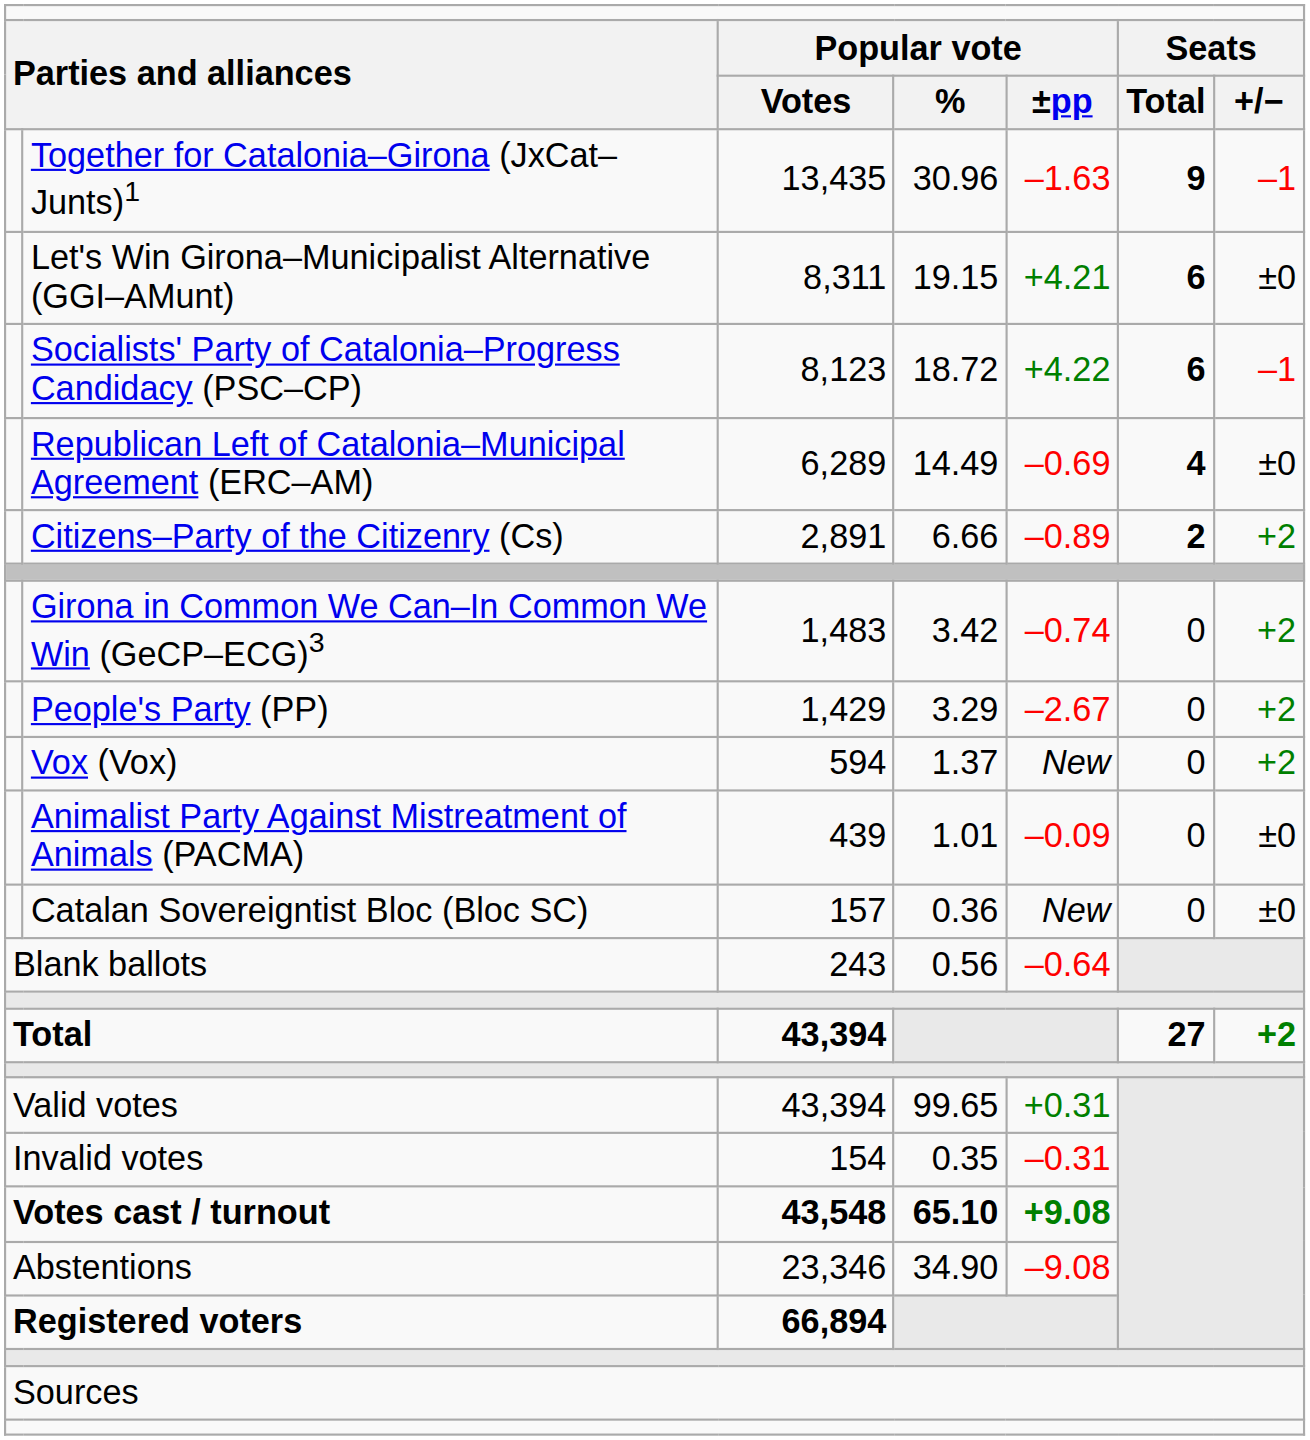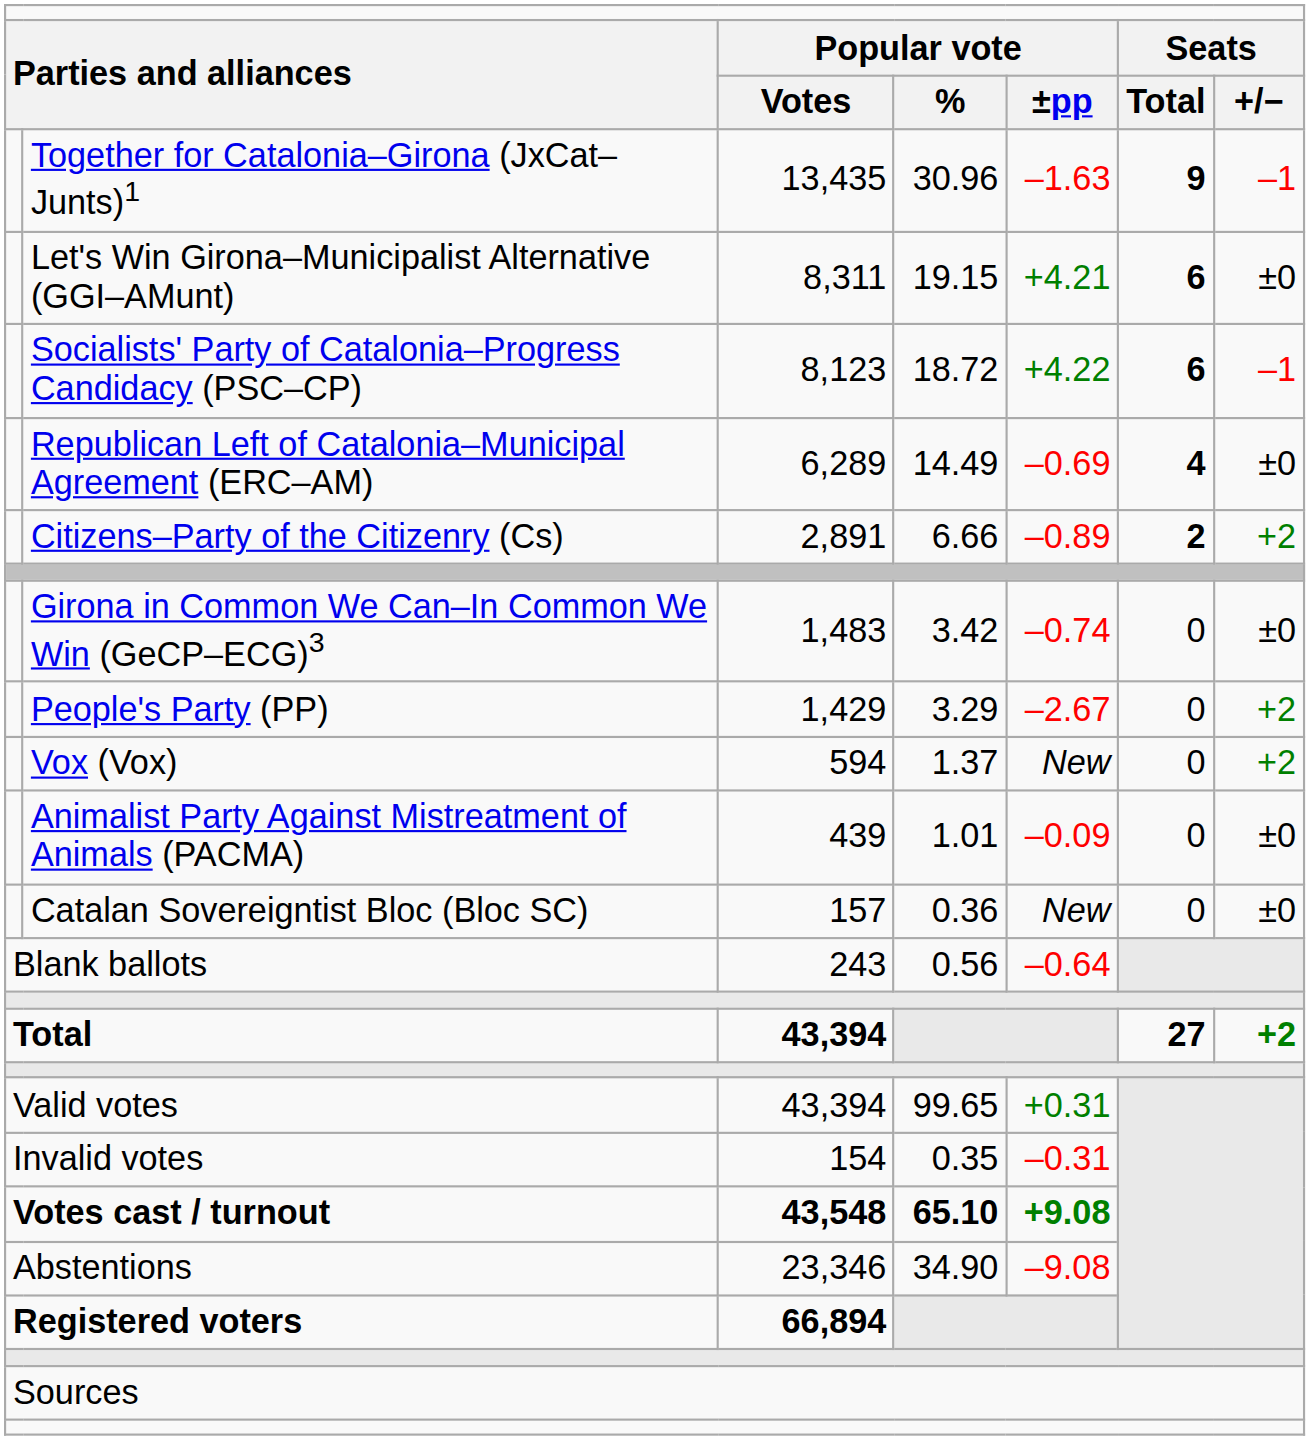 <table class="wikitable" style="text-align:right;">
 <tr>
 <td colspan="7"></td>
 </tr>
 <tr>
 <th style="text-align:left;" rowspan="2" colspan="2" width="525">Parties and alliances</th>
 <th colspan="3">Popular vote</th>
 <th colspan="2">Seats</th>
 </tr>
 <tr>
 <th width="75">Votes</th>
 <th width="45">%</th>
 <th width="45">±<a href='#'>pp</a></th>
 <th width="35">Total</th>
 <th width="35">+/−</th>
 </tr>
 <tr>
 <td width="1" style="color:inherit;background:"></td>
 <td align="left"><a href='#'>Together for Catalonia–Girona</a> (JxCat–Junts)<sup>1</sup></td>
 <td>13,435</td>
 <td>30.96</td>
 <td style="color:red;">–1.63</td>
 <td><strong>9</strong></td>
 <td style="color:red;">–1</td>
 </tr>
 <tr>
 <td style="color:inherit;background:"></td>
 <td align="left">Let's Win Girona–Municipalist Alternative (GGI–AMunt)</td>
 <td>8,311</td>
 <td>19.15</td>
 <td style="color:green;">+4.21</td>
 <td><strong>6</strong></td>
 <td>±0</td>
 </tr>
 <tr>
 <td style="color:inherit;background:"></td>
 <td align="left"><a href='#'>Socialists' Party of Catalonia–Progress Candidacy</a> (PSC–CP)</td>
 <td>8,123</td>
 <td>18.72</td>
 <td style="color:green;">+4.22</td>
 <td><strong>6</strong></td>
 <td style="color:red;">–1</td>
 </tr>
 <tr>
 <td style="color:inherit;background:"></td>
 <td align="left"><a href='#'>Republican Left of Catalonia–Municipal Agreement</a> (ERC–AM)</td>
 <td>6,289</td>
 <td>14.49</td>
 <td style="color:red;">–0.69</td>
 <td><strong>4</strong></td>
 <td>±0</td>
 </tr>
 <tr>
 <td style="color:inherit;background:"></td>
 <td align="left"><a href='#'>Citizens–Party of the Citizenry</a> (Cs)</td>
 <td>2,891</td>
 <td>6.66</td>
 <td style="color:red;">–0.89</td>
 <td><strong>2</strong></td>
 <td style="color:green;">+2</td>
 </tr>
 <tr>
 <td colspan="7" bgcolor="#C0C0C0"></td>
 </tr>
 <tr>
 <td style="color:inherit;background:"></td>
 <td align="left"><a href='#'>Girona in Common We Can–In Common We Win</a> (GeCP–ECG)<sup>3</sup></td>
 <td>1,483</td>
 <td>3.42</td>
 <td style="color:red;">–0.74</td>
 <td>0</td>
-<td style="color:green;">+2</td>
+<td>±0</td>
 </tr>
 <tr>
 <td style="color:inherit;background:"></td>
 <td align="left"><a href='#'>People's Party</a> (PP)</td>
 <td>1,429</td>
 <td>3.29</td>
 <td style="color:red;">–2.67</td>
 <td>0</td>
 <td style="color:green;">+2</td>
 </tr>
 <tr>
 <td style="color:inherit;background:"></td>
 <td align="left"><a href='#'>Vox</a> (Vox)</td>
 <td>594</td>
 <td>1.37</td>
 <td><em>New</em></td>
 <td>0</td>
 <td style="color:green;">+2</td>
 </tr>
 <tr>
 <td style="color:inherit;background:"></td>
 <td align="left"><a href='#'>Animalist Party Against Mistreatment of Animals</a> (PACMA)</td>
 <td>439</td>
 <td>1.01</td>
 <td style="color:red;">–0.09</td>
 <td>0</td>
 <td>±0</td>
 </tr>
 <tr>
 <td style="color:inherit;background:"></td>
 <td align="left">Catalan Sovereigntist Bloc (Bloc SC)</td>
 <td>157</td>
 <td>0.36</td>
 <td><em>New</em></td>
 <td>0</td>
 <td>±0</td>
 </tr>
 <tr>
 <td align="left" colspan="2">Blank ballots</td>
 <td>243</td>
 <td>0.56</td>
 <td style="color:red;">–0.64</td>
 <td bgcolor="#E9E9E9" colspan="2"></td>
 </tr>
 <tr>
 <td colspan="7" bgcolor="#E9E9E9"></td>
 </tr>
 <tr style="font-weight:bold;">
 <td align="left" colspan="2">Total</td>
 <td>43,394</td>
 <td bgcolor="#E9E9E9" colspan="2"></td>
 <td>27</td>
 <td style="color:green;">+2</td>
 </tr>
 <tr>
 <td colspan="7" bgcolor="#E9E9E9"></td>
 </tr>
 <tr>
 <td align="left" colspan="2">Valid votes</td>
 <td>43,394</td>
 <td>99.65</td>
 <td style="color:green;">+0.31</td>
 <td bgcolor="#E9E9E9" colspan="2" rowspan="5"></td>
 </tr>
 <tr>
 <td align="left" colspan="2">Invalid votes</td>
 <td>154</td>
 <td>0.35</td>
 <td style="color:red;">–0.31</td>
 </tr>
 <tr style="font-weight:bold;">
 <td align="left" colspan="2">Votes cast / turnout</td>
 <td>43,548</td>
 <td>65.10</td>
 <td style="color:green;">+9.08</td>
 </tr>
 <tr>
 <td align="left" colspan="2">Abstentions</td>
 <td>23,346</td>
 <td>34.90</td>
 <td style="color:red;">–9.08</td>
 </tr>
 <tr style="font-weight:bold;">
 <td align="left" colspan="2">Registered voters</td>
 <td>66,894</td>
 <td bgcolor="#E9E9E9" colspan="2"></td>
 </tr>
 <tr>
 <td colspan="7" bgcolor="#E9E9E9"></td>
 </tr>
 <tr>
 <td align="left" colspan="7">Sources</td>
 </tr>
 <tr>
 <td colspan="7" style="text-align:left; max-width:790px;"></td>
 </tr>
 </table>
